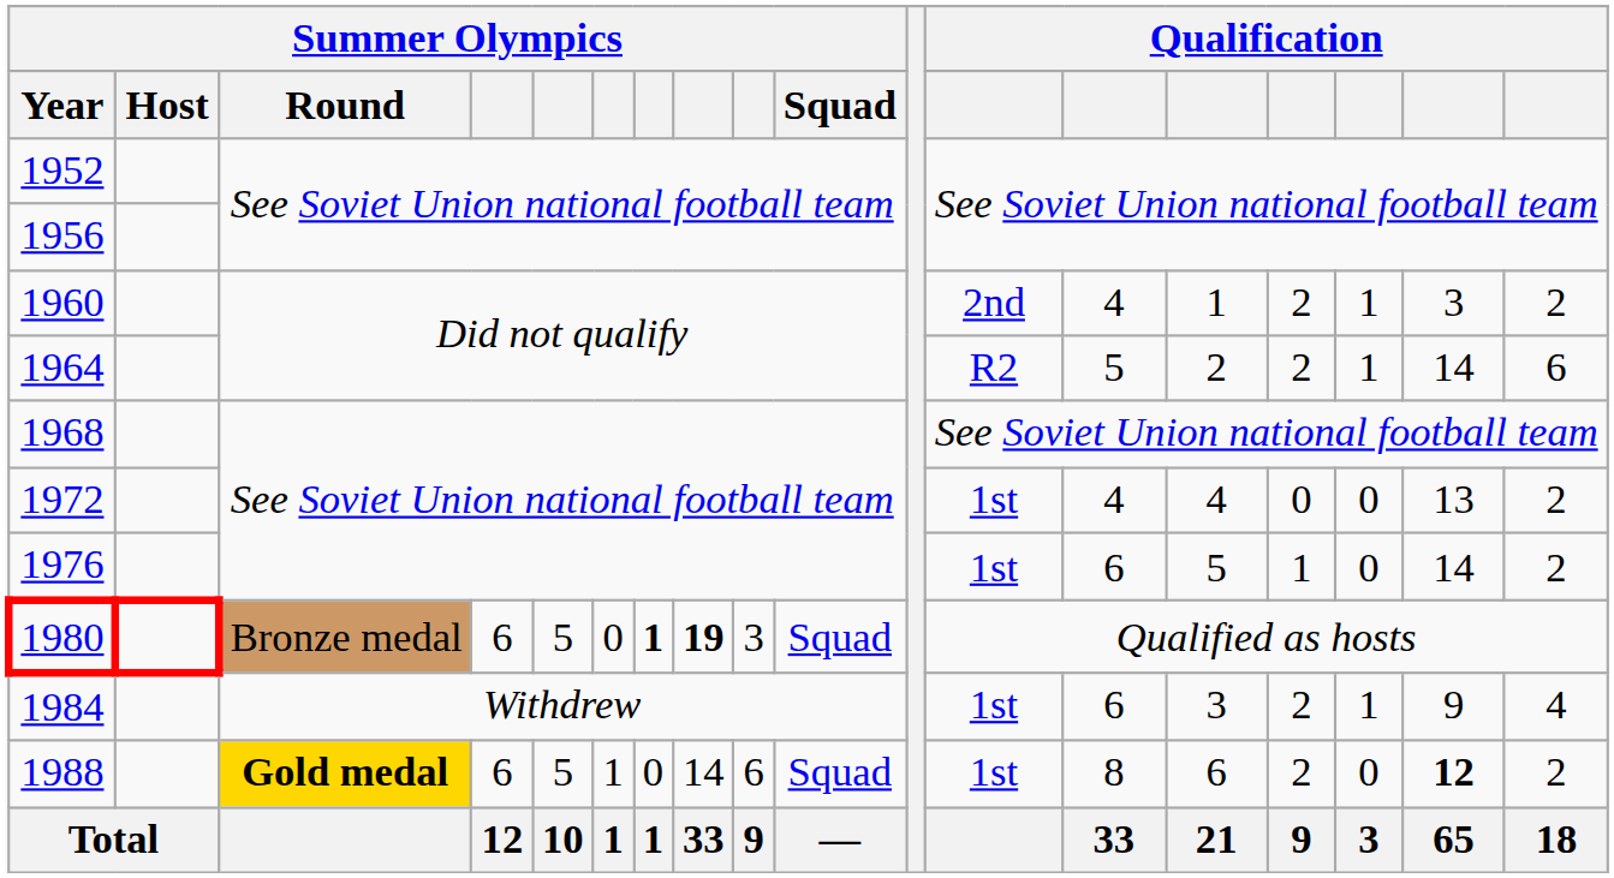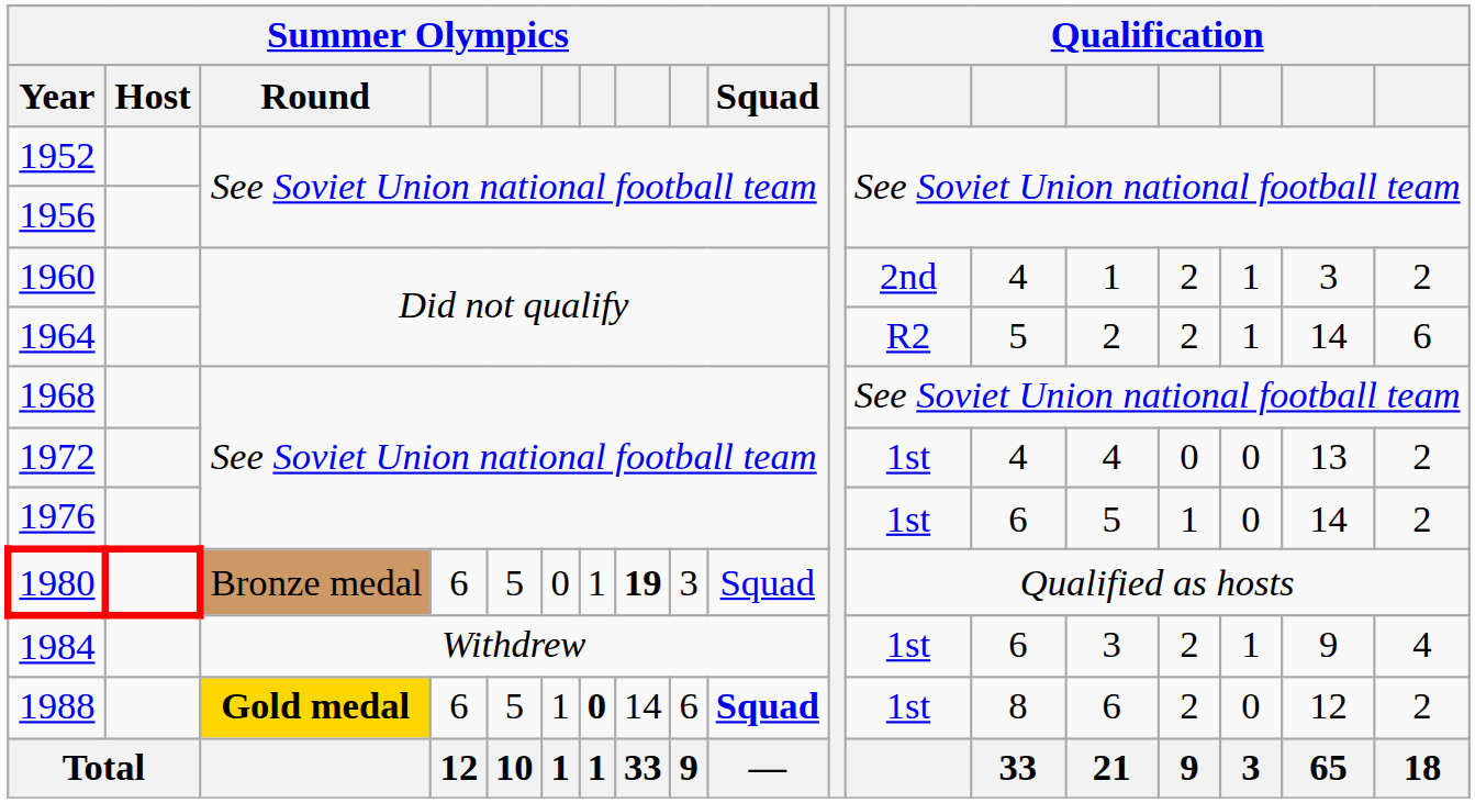 <table class="wikitable" style="text-align: center;font-size:100%;">
 <tr>
 <th colspan="10"><a href='#'>Summer Olympics</a></th>
 <th rowspan="13"></th>
 <th colspan="7"><a href='#'>Qualification</a></th>
 </tr>
 <tr>
 <th>Year</th>
 <th>Host</th>
 <th>Round</th>
 <th></th>
 <th></th>
 <th></th>
 <th></th>
 <th></th>
 <th></th>
 <th>Squad</th>
 <th></th>
 <th></th>
 <th></th>
 <th></th>
 <th></th>
 <th></th>
 <th></th>
 </tr>
 <tr>
 <td><a href='#'>1952</a></td>
 <td align=left></td>
 <td colspan="8" rowspan="2"><em>See <a href='#'>Soviet Union national football team</a></em></td>
 <td colspan="7" rowspan="2"><em>See <a href='#'>Soviet Union national football team</a></em></td>
 </tr>
 <tr>
 <td><a href='#'>1956</a></td>
 <td align=left></td>
 </tr>
 <tr>
 <td><a href='#'>1960</a></td>
 <td align=left></td>
 <td colspan="8" rowspan="2"><em>Did not qualify</em></td>
 <td><a href='#'>2nd</a></td>
 <td>4</td>
 <td>1</td>
 <td>2</td>
 <td>1</td>
 <td>3</td>
 <td>2</td>
 </tr>
 <tr>
 <td><a href='#'>1964</a></td>
 <td align=left></td>
 <td><a href='#'>R2</a></td>
 <td>5</td>
 <td>2</td>
 <td>2</td>
 <td>1</td>
 <td>14</td>
 <td>6</td>
 </tr>
 <tr>
 <td><a href='#'>1968</a></td>
 <td align=left></td>
 <td colspan="8" rowspan="3"><em>See <a href='#'>Soviet Union national football team</a></em></td>
 <td colspan="7"><em>See <a href='#'>Soviet Union national football team</a></em></td>
 </tr>
 <tr>
 <td><a href='#'>1972</a></td>
 <td align=left></td>
 <td><a href='#'>1st</a></td>
 <td>4</td>
 <td>4</td>
 <td>0</td>
 <td>0</td>
 <td>13</td>
 <td>2</td>
 </tr>
 <tr>
 <td><a href='#'>1976</a></td>
 <td align=left></td>
 <td><a href='#'>1st</a></td>
 <td>6</td>
 <td>5</td>
 <td>1</td>
 <td>0</td>
 <td>14</td>
 <td>2</td>
 </tr>
 <tr>
 <td style="border: 3px solid red" scope="row"><a href='#'>1980</a></td>
 <td style="border: 3px solid red" scope="row" align="left"></td>
 <td bgcolor=#CC9966>Bronze medal</td>
 <td>6</td>
 <td>5</td>
 <td>0</td>
-<td><strong>1</strong></td>
+<td>1</td>
 <td><strong>19</strong></td>
 <td>3</td>
 <td><a href='#'>Squad</a></td>
 <td colspan="7"><em>Qualified as hosts</em></td>
 </tr>
 <tr>
 <td><a href='#'>1984</a></td>
 <td align=left></td>
 <td colspan="8"><em>Withdrew</em></td>
 <td><a href='#'>1st</a></td>
 <td>6</td>
 <td>3</td>
 <td>2</td>
 <td>1</td>
 <td>9</td>
 <td>4</td>
 </tr>
 <tr>
 <td><a href='#'>1988</a></td>
 <td align=left></td>
 <td bgcolor=gold><strong>Gold medal</strong></td>
 <td>6</td>
 <td>5</td>
 <td>1</td>
-<td>0</td>
+<td><strong>0</strong></td>
 <td>14</td>
 <td>6</td>
-<td><a href='#'>Squad</a></td>
+<td><strong><a href='#'>Squad</a></strong></td>
 <td><a href='#'>1st</a></td>
 <td>8</td>
 <td>6</td>
 <td>2</td>
 <td>0</td>
-<td><strong>12</strong></td>
+<td>12</td>
 <td>2</td>
 </tr>
 <tr>
 <th colspan="2">Total</th>
 <th></th>
 <th>12</th>
 <th>10</th>
 <th>1</th>
 <th>1</th>
 <th>33</th>
 <th>9</th>
 <th>—</th>
 <th></th>
 <th>33</th>
 <th>21</th>
 <th>9</th>
 <th>3</th>
 <th>65</th>
 <th>18</th>
 </tr>
 </table>
